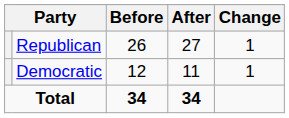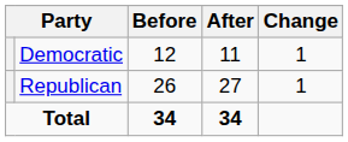 <table class="wikitable" style="text-align:center;">
 <tr>
 </tr>
 <tr>
 <th colspan=2>Party</th>
 <th>Before</th>
 <th>After</th>
 <th>Change</th>
 </tr>
 <tr>
 <th style="background-color:"></th>
-<td style="text-align:left;"><a href='#'>Republican</a></td>
-<td>26</td>
-<td>27</td>
+<td style="text-align:left;"><a href='#'>Democratic</a></td>
+<td>12</td>
+<td>11</td>
 <td> 1</td>
 </tr>
 <tr>
 <th style="background-color:"></th>
-<td style="text-align:left;"><a href='#'>Democratic</a></td>
-<td>12</td>
-<td>11</td>
+<td style="text-align:left;"><a href='#'>Republican</a></td>
+<td>26</td>
+<td>27</td>
 <td> 1</td>
 </tr>
 <tr>
 <td colspan=2><strong>Total</strong></td>
 <td><strong>34</strong></td>
 <td><strong>34</strong></td>
 <td></td>
 </tr>
 </table>
